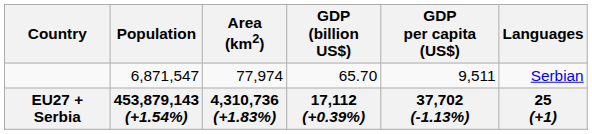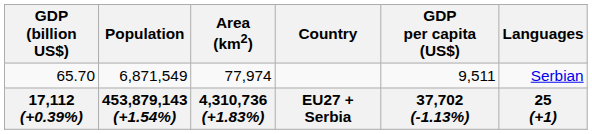 <table class="wikitable" style="text-align:right;">
 <tr>
-<th>Country</th>
+<th>GDP <br>(billion US$)</th>
 <th>Population</th>
 <th>Area (km<sup>2</sup>)</th>
-<th>GDP <br>(billion US$)</th>
+<th>Country</th>
 <th>GDP <br>per capita (US$)</th>
 <th>Languages</th>
 </tr>
 <tr>
+<td>65.70</td>
+<td>6,871,549</td>
+<td>77,974</td>
 <td style="text-align:left;"><em></em></td>
-<td>6,871,547</td>
-<td>77,974</td>
-<td>65.70</td>
 <td>9,511</td>
 <td><a href='#'>Serbian</a></td>
 </tr>
 <tr>
-<th>EU27 + Serbia</th>
+<th>17,112 <br><em>(+0.39%)</em></th>
 <th>453,879,143 <br><em>(+1.54%)</em></th>
 <th>4,310,736 <br><em>(+1.83%)</em></th>
-<th>17,112 <br><em>(+0.39%)</em></th>
+<th>EU27 + Serbia</th>
 <th>37,702 <br><em>(-1.13%)</em></th>
 <th>25<br><em>(+1)</em></th>
 </tr>
 </table>
